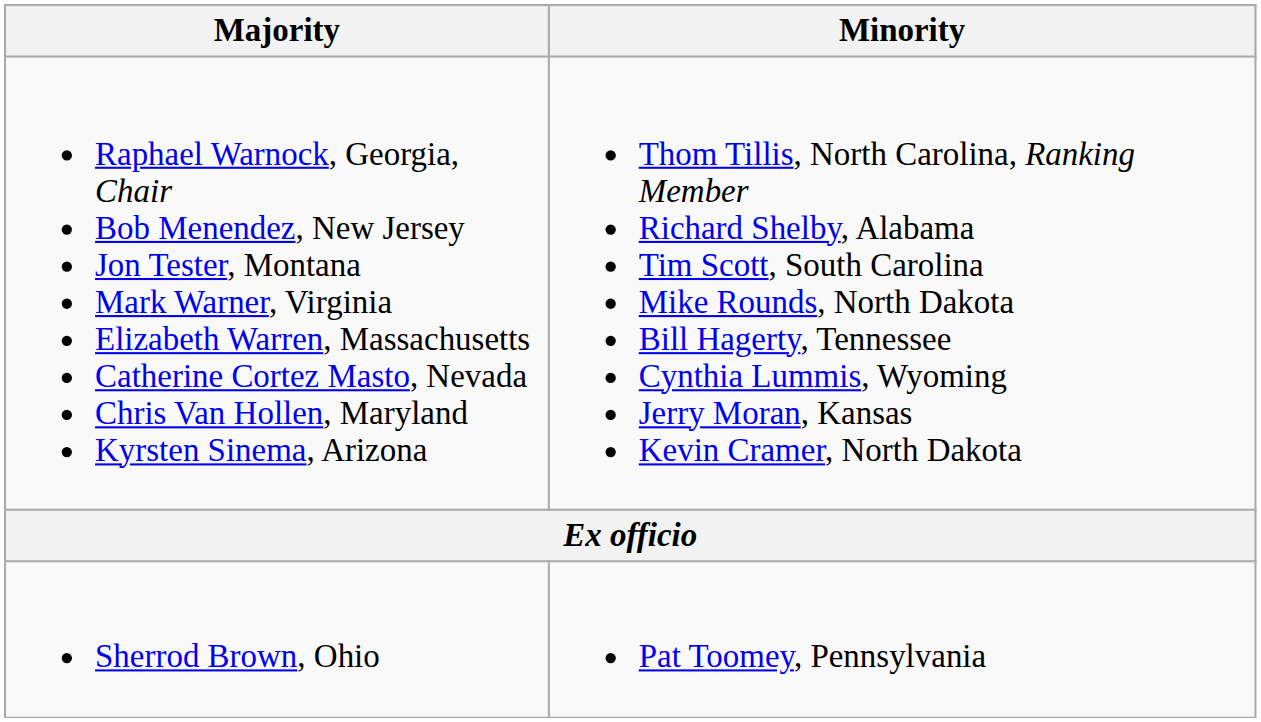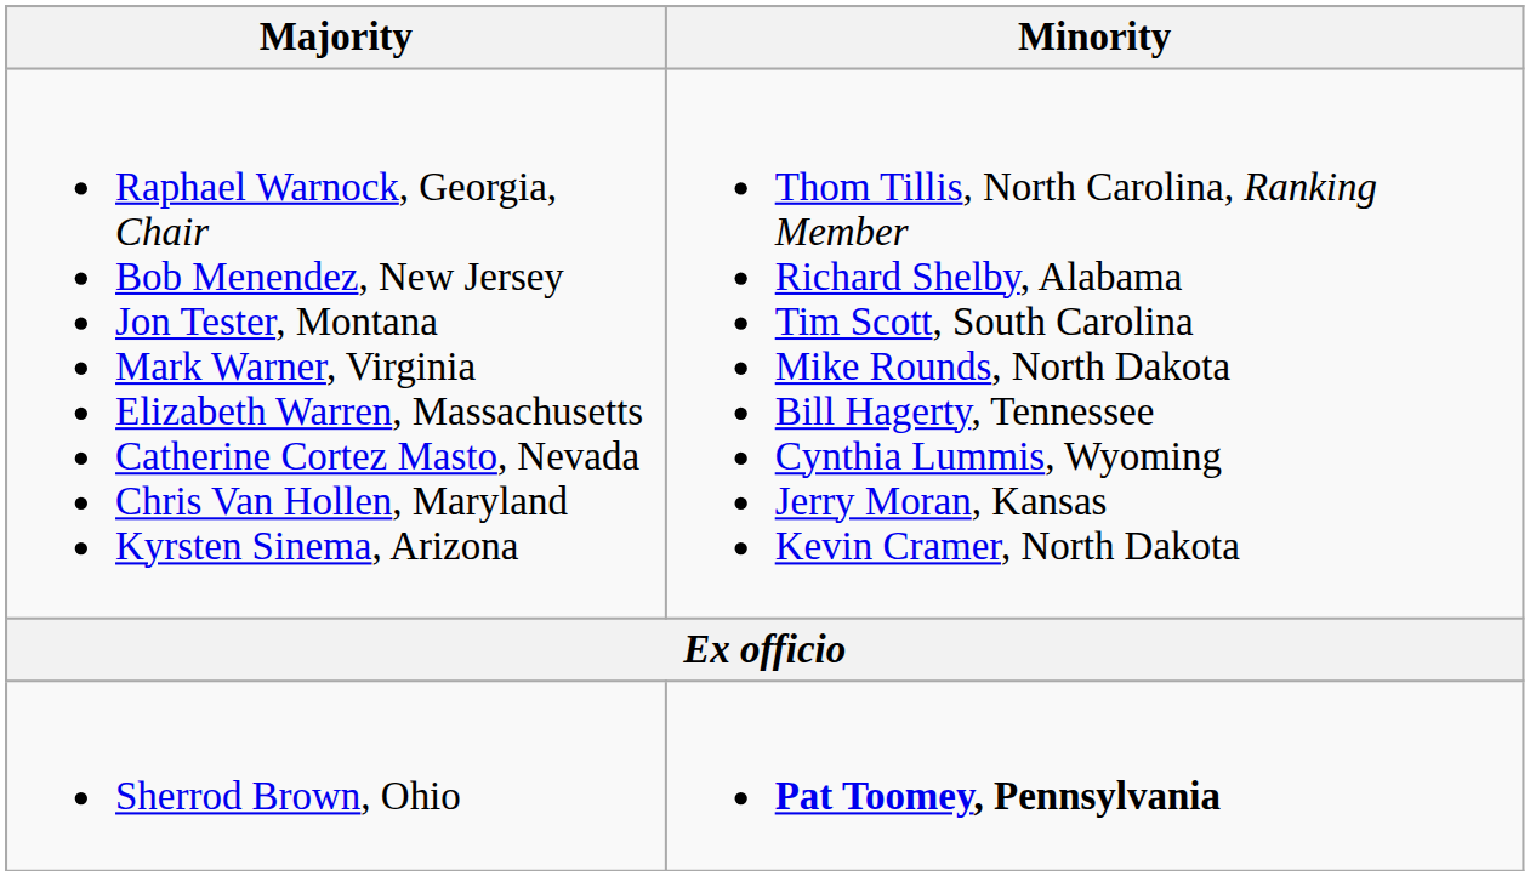 <table class="wikitable">
 <tr>
 <th>Majority</th>
 <th>Minority</th>
 </tr>
 <tr>
 <td><br><ul><li><a href='#'>Raphael Warnock</a>, Georgia, <em>Chair</em></li><li><a href='#'>Bob Menendez</a>, New Jersey</li><li><a href='#'>Jon Tester</a>, Montana</li><li><a href='#'>Mark Warner</a>, Virginia</li><li><a href='#'>Elizabeth Warren</a>, Massachusetts</li><li><a href='#'>Catherine Cortez Masto</a>, Nevada</li><li><a href='#'>Chris Van Hollen</a>, Maryland</li><li><a href='#'>Kyrsten Sinema</a>, Arizona</li></ul></td>
 <td><br><ul><li><a href='#'>Thom Tillis</a>, North Carolina, <em>Ranking Member</em></li><li><a href='#'>Richard Shelby</a>, Alabama</li><li><a href='#'>Tim Scott</a>, South Carolina</li><li><a href='#'>Mike Rounds</a>, North Dakota</li><li><a href='#'>Bill Hagerty</a>, Tennessee</li><li><a href='#'>Cynthia Lummis</a>, Wyoming</li><li><a href='#'>Jerry Moran</a>, Kansas</li><li><a href='#'>Kevin Cramer</a>, North Dakota</li></ul></td>
 </tr>
 <tr>
 <th colspan="2"><em>Ex officio</em></th>
 </tr>
 <tr>
 <td><br><ul><li><a href='#'>Sherrod Brown</a>, Ohio</li></ul></td>
-<td><br><ul><li><a href='#'>Pat Toomey</a>, Pennsylvania</li></ul></td>
+<td><strong><br><ul><li><a href='#'>Pat Toomey</a>, Pennsylvania</li></ul></strong></td>
 </tr>
 </table>
